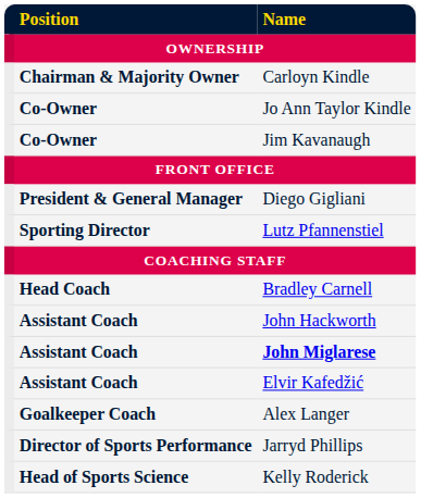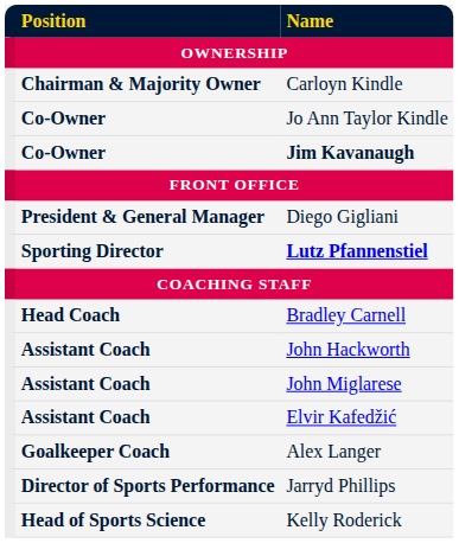 <table cellpadding="5" cellspacing="0" style="display:inline-table; color:#001837; text-align:center; border: 0; background-color: #f4f4f4;">
 <tr>
 <th style="border: 0; border-left: 9px solid #001837; background:#001837; color:#ffd901; text-align:left;border-top-left-radius: 10px;">Position</th>
 <th style="background:#001837; color:#ffd901; text-align:left; border: 0; border-top-right-radius: 10px;">Name</th>
 </tr>
 <tr>
 <th colspan="5" style="border: 0; border-left: 9px solid #c60042; background:#DD004A; color:#ffffff;font-size: 85%; text-align:center; letter-spacing: 0.75px"><strong>OWNERSHIP</strong></th>
 </tr>
 <tr>
 <td align="left" style="border-bottom:1px solid #dfdfdf; border-left: 9px solid #ececec"><strong>Chairman & Majority Owner</strong></td>
 <td style="border-bottom:1px solid #dfdfdf; white-space: nowrap;" align="left"> Carloyn Kindle</td>
 </tr>
 <tr>
 <td align="left" style="border-bottom:1px solid #dfdfdf; border-left: 9px solid #ececec"><strong>Co-Owner</strong></td>
 <td style="border-bottom:1px solid #dfdfdf; white-space: nowrap;" align="left"> Jo Ann Taylor Kindle</td>
 </tr>
 <tr>
 <td align="left" style="border-bottom:1px solid #dfdfdf; border-left: 9px solid #ececec"><strong>Co-Owner</strong></td>
-<td style="border-bottom:1px solid #dfdfdf; white-space: nowrap;" align="left"> Jim Kavanaugh</td>
+<td style="border-bottom:1px solid #dfdfdf; white-space: nowrap;" align="left"><strong> Jim Kavanaugh</strong></td>
 </tr>
 <tr>
 <th colspan="5" style="border: 0; border-left: 9px solid #c60042; background:#DD004A; color:#ffffff;font-size: 85%; text-align:center; letter-spacing: 0.75px"><strong>FRONT OFFICE</strong></th>
 </tr>
 <tr>
 <td align="left" style="border-bottom:1px solid #dfdfdf; border-left: 9px solid #ececec"><strong>President & General Manager</strong></td>
 <td style="border-bottom:1px solid #dfdfdf; white-space: nowrap;" align="left"> Diego Gigliani</td>
 </tr>
 <tr>
 <td align="left" style="border-bottom:1px solid #dfdfdf; border-left: 9px solid #ececec"><strong>Sporting Director</strong></td>
-<td style="border-bottom:1px solid #dfdfdf; white-space: nowrap;" align="left"> <a href='#'>Lutz Pfannenstiel</a></td>
+<td style="border-bottom:1px solid #dfdfdf; white-space: nowrap;" align="left"><strong> <a href='#'>Lutz Pfannenstiel</a></strong></td>
 </tr>
 <tr>
 <th colspan="5" style="border: 0; border-left: 9px solid #c60042; background:#DD004A; color:#ffffff;font-size: 85%; text-align:center; letter-spacing: 0.75px"><strong>COACHING STAFF</strong></th>
 </tr>
 <tr>
 <td align="left" style="border-bottom:1px solid #dfdfdf; border-left: 9px solid #ececec"><strong>Head Coach</strong></td>
 <td style="border-bottom:1px solid #dfdfdf; white-space: nowrap;" align="left"> <a href='#'>Bradley Carnell</a></td>
 </tr>
 <tr>
 <td align="left" style="border-bottom:1px solid #dfdfdf; border-left: 9px solid #ececec"><strong>Assistant Coach</strong></td>
 <td style="border-bottom:1px solid #dfdfdf; white-space: nowrap;" align="left"> <a href='#'>John Hackworth</a></td>
 </tr>
 <tr>
 <td align="left" style="border-bottom:1px solid #dfdfdf; border-left: 9px solid #ececec"><strong>Assistant Coach</strong></td>
-<td style="border-bottom:1px solid #dfdfdf; white-space: nowrap;" align="left"><strong> <a href='#'>John Miglarese</a></strong></td>
+<td style="border-bottom:1px solid #dfdfdf; white-space: nowrap;" align="left"> <a href='#'>John Miglarese</a></td>
 </tr>
 <tr>
 <td align="left" style="border-bottom:1px solid #dfdfdf; border-left: 9px solid #ececec"><strong>Assistant Coach</strong></td>
 <td style="border-bottom:1px solid #dfdfdf; white-space: nowrap;" align="left"> <a href='#'>Elvir Kafedžić</a></td>
 </tr>
 <tr>
 <td align="left" style="border-bottom:1px solid #dfdfdf; border-left: 9px solid #ececec"><strong>Goalkeeper Coach</strong></td>
 <td style="border-bottom:1px solid #dfdfdf; white-space: nowrap;" align="left"> Alex Langer</td>
 </tr>
 <tr>
 <td align="left" style="border-bottom:1px solid #dfdfdf; border-left: 9px solid #ececec"><strong>Director of Sports Performance</strong></td>
 <td style="border-bottom:1px solid #dfdfdf; white-space: nowrap;" align="left"> Jarryd Phillips</td>
 </tr>
 <tr>
 <td align="left" style="border-bottom:1px solid #dfdfdf; border-left: 9px solid #ececec"><strong>Head of Sports Science</strong></td>
 <td style="border-bottom:1px solid #dfdfdf; white-space: nowrap;" align="left"> Kelly Roderick</td>
 </tr>
 </table>
